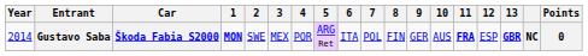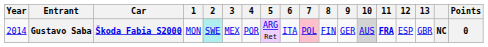 <table class="wikitable" style="text-align:center; font-size:90%">
 <tr>
 <th>Year</th>
 <th>Entrant</th>
 <th>Car</th>
 <th>1</th>
 <th>2</th>
 <th>3</th>
 <th>4</th>
 <th>5</th>
 <th>6</th>
 <th>7</th>
 <th>8</th>
 <th>9</th>
 <th>10</th>
 <th>11</th>
 <th>12</th>
 <th>13</th>
 <th></th>
 <th>Points</th>
 </tr>
 <tr>
 <td rowspan=3><a href='#'>2014</a></td>
 <th>Gustavo Saba</th>
 <th><a href='#'>Škoda Fabia S2000</a></th>
-<td><strong><a href='#'>MON</a></strong></td>
-<td><a href='#'>SWE</a></td>
+<td><a href='#'>MON</a></td>
+<td style="background: paleturquoise;"><a href='#'>SWE</a></td>
 <td><a href='#'>MEX</a></td>
 <td><a href='#'>POR</a></td>
 <td style="background:#EFCFFF;"><a href='#'>ARG</a><br><small>Ret</small></td>
 <td><a href='#'>ITA</a></td>
-<td><a href='#'>POL</a></td>
+<td style="background: pink;"><a href='#'>POL</a></td>
 <td><a href='#'>FIN</a></td>
 <td><a href='#'>GER</a></td>
-<td><a href='#'>AUS</a></td>
+<td style="background: lightgrey;"><a href='#'>AUS</a></td>
 <td><strong><a href='#'>FRA</a></strong></td>
 <td><a href='#'>ESP</a></td>
-<td><strong><a href='#'>GBR</a></strong></td>
+<td><a href='#'>GBR</a></td>
 <th>NC</th>
 <th>0</th>
 </tr>
 </table>
